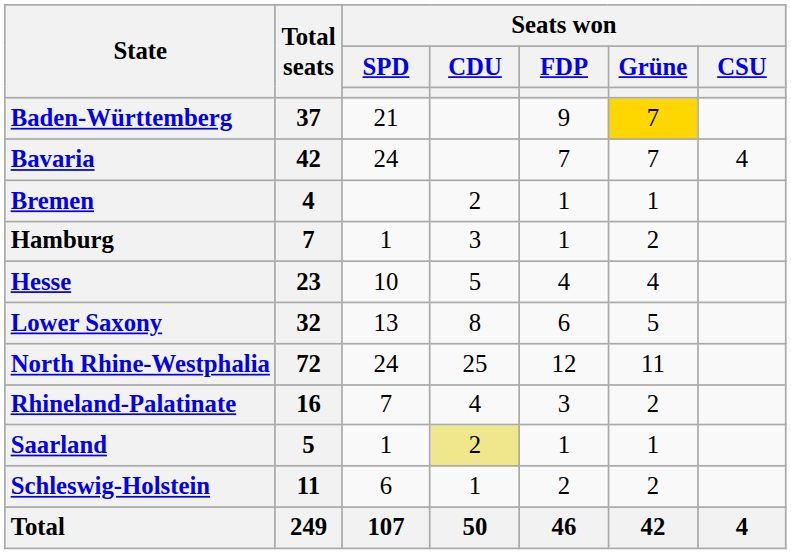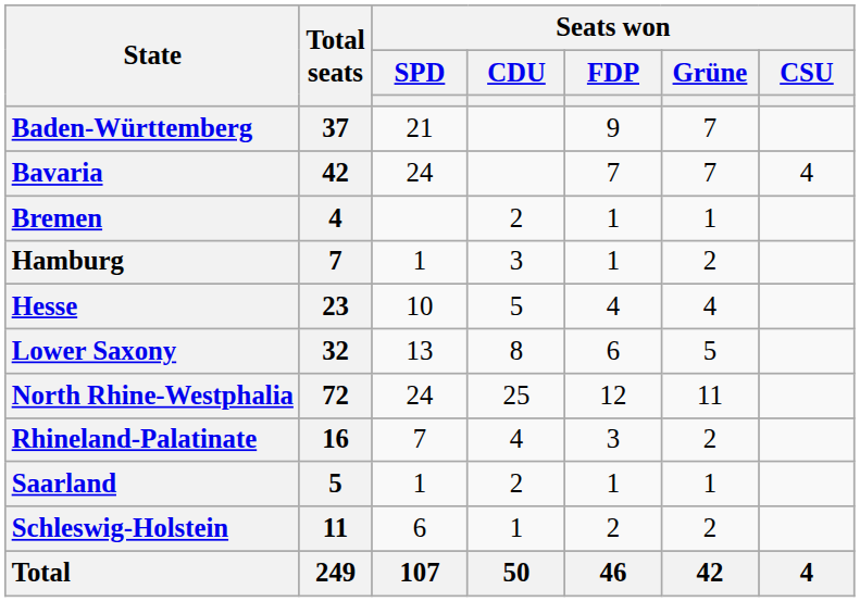 <table class="wikitable" style="text-align:center; font-size: 0.9em;">
 <tr>
 <th rowspan="3">State</th>
 <th rowspan="3">Total<br>seats</th>
 <th colspan="5">Seats won</th>
 </tr>
 <tr>
 <th class="unsortable" style="width:45px;"><a href='#'>SPD</a></th>
 <th class="unsortable" style="width:45px;"><a href='#'>CDU</a></th>
 <th class="unsortable" style="width:45px;"><a href='#'>FDP</a></th>
 <th class="unsortable" style="width:45px;"><a href='#'>Grüne</a></th>
 <th class="unsortable" style="width:45px;"><a href='#'>CSU</a></th>
 </tr>
 <tr>
 <th style="background:"></th>
 <th style="background:"></th>
 <th style="background:"></th>
 <th style="background:"></th>
 <th style="background:"></th>
 </tr>
 <tr>
 <th style="text-align: left;"><a href='#'>Baden-Württemberg</a></th>
 <th>37</th>
 <td>21</td>
 <td></td>
 <td>9</td>
-<td style="background: gold;">7</td>
+<td>7</td>
 <td></td>
 </tr>
 <tr>
 <th style="text-align: left;"><a href='#'>Bavaria</a></th>
 <th>42</th>
 <td>24</td>
 <td></td>
 <td>7</td>
 <td>7</td>
 <td>4</td>
 </tr>
 <tr>
 <th style="text-align: left;"><a href='#'>Bremen</a></th>
 <th>4</th>
 <td></td>
 <td>2</td>
 <td>1</td>
 <td>1</td>
 <td></td>
 </tr>
 <tr>
 <th style="text-align: left;">Hamburg</th>
 <th>7</th>
 <td>1</td>
 <td>3</td>
 <td>1</td>
 <td>2</td>
 <td></td>
 </tr>
 <tr>
 <th style="text-align: left;"><a href='#'>Hesse</a></th>
 <th>23</th>
 <td>10</td>
 <td>5</td>
 <td>4</td>
 <td>4</td>
 <td></td>
 </tr>
 <tr>
 <th style="text-align: left;"><a href='#'>Lower Saxony</a></th>
 <th>32</th>
 <td>13</td>
 <td>8</td>
 <td>6</td>
 <td>5</td>
 <td></td>
 </tr>
 <tr>
 <th style="text-align: left;"><a href='#'>North Rhine-Westphalia</a></th>
 <th>72</th>
 <td>24</td>
 <td>25</td>
 <td>12</td>
 <td>11</td>
 <td></td>
 </tr>
 <tr>
 <th style="text-align: left;"><a href='#'>Rhineland-Palatinate</a></th>
 <th>16</th>
 <td>7</td>
 <td>4</td>
 <td>3</td>
 <td>2</td>
 <td></td>
 </tr>
 <tr>
 <th style="text-align: left;"><a href='#'>Saarland</a></th>
 <th>5</th>
 <td>1</td>
-<td style="background: khaki;">2</td>
+<td>2</td>
 <td>1</td>
 <td>1</td>
 <td></td>
 </tr>
 <tr>
 <th style="text-align: left;"><a href='#'>Schleswig-Holstein</a></th>
 <th>11</th>
 <td>6</td>
 <td>1</td>
 <td>2</td>
 <td>2</td>
 <td></td>
 </tr>
 <tr class="sortbottom">
 <th style="text-align: left;">Total</th>
 <th>249</th>
 <th>107</th>
 <th>50</th>
 <th>46</th>
 <th>42</th>
 <th>4</th>
 </tr>
 </table>
